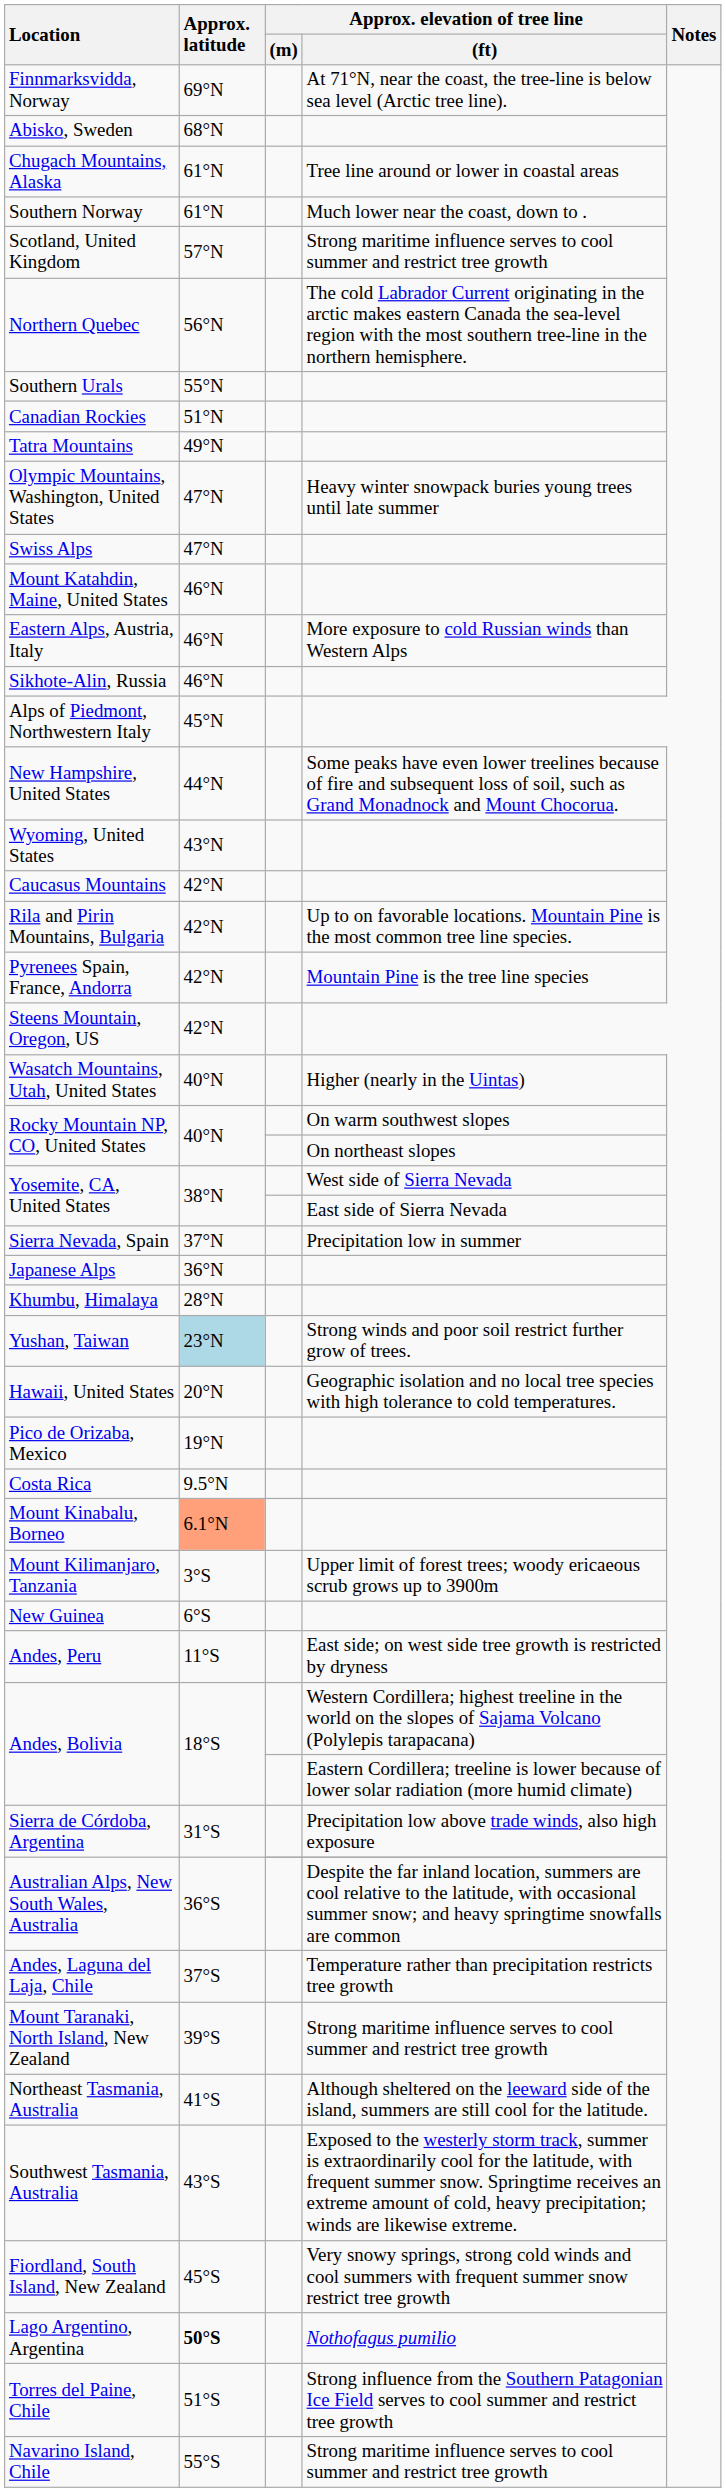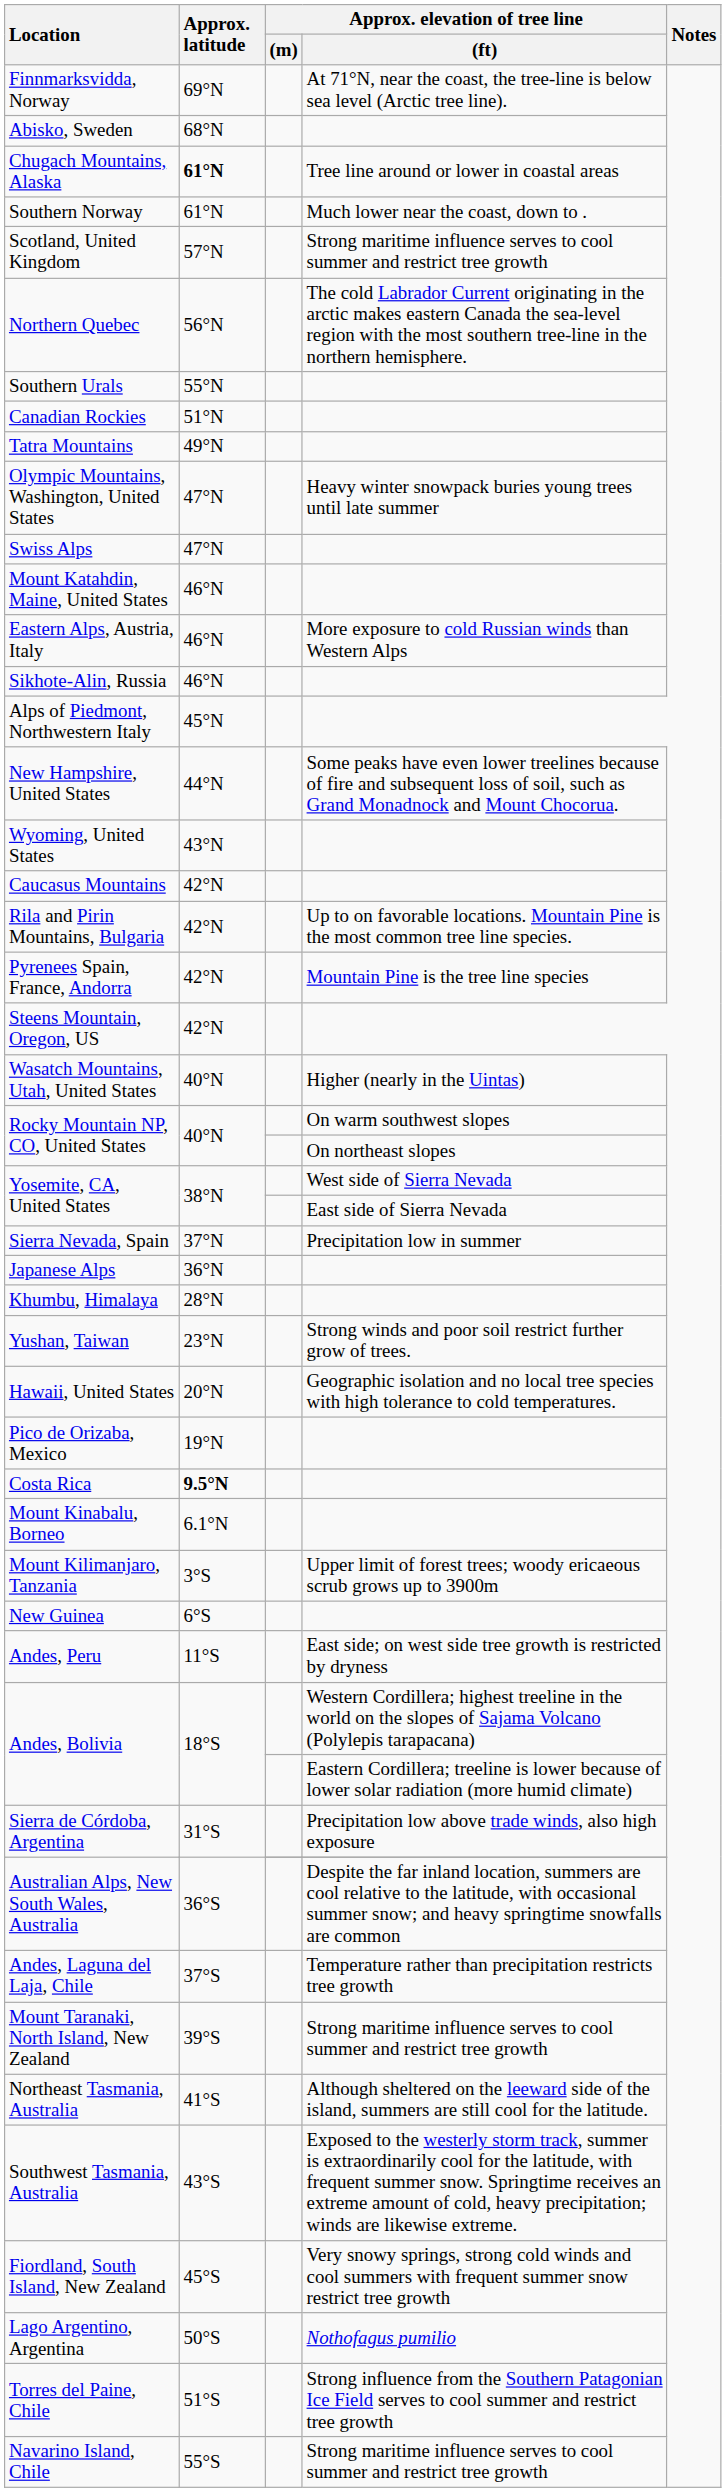 <table class="wikitable sortable">
 <tr>
 <th style="text-align:left;" rowspan="2" class="unsortable">Location</th>
 <th style="text-align:left;" rowspan="2">Approx. latitude</th>
 <th colspan=2>Approx. elevation of tree line</th>
 <th rowspan="2" class="unsortable">Notes</th>
 </tr>
 <tr>
 <th style="text-align:center;">(m)</th>
 <th style="text-align:center;">(ft)</th>
 </tr>
 <tr>
 <td><a href='#'>Finnmarksvidda</a>, Norway</td>
 <td data-sort-value="69">69°N</td>
 <td></td>
 <td>At 71°N, near the coast, the tree-line is below sea level (Arctic tree line).</td>
 </tr>
 <tr>
 <td><a href='#'>Abisko</a>, Sweden</td>
 <td data-sort-value="68">68°N</td>
 <td></td>
 <td></td>
 </tr>
 <tr>
 <td><a href='#'>Chugach Mountains, Alaska</a></td>
-<td data-sort-value="61">61°N</td>
+<td data-sort-value="61"><strong>61°N</strong></td>
 <td></td>
 <td>Tree line around  or lower in coastal areas</td>
 </tr>
 <tr>
 <td>Southern Norway</td>
 <td data-sort-value="61">61°N</td>
 <td></td>
 <td>Much lower near the coast, down to .</td>
 </tr>
 <tr>
 <td>Scotland, United Kingdom</td>
 <td data-sort-value="57">57°N</td>
 <td></td>
 <td>Strong maritime influence serves to cool summer and restrict tree growth</td>
 </tr>
 <tr>
 <td><a href='#'>Northern Quebec</a></td>
 <td data-sort-value="56">56°N</td>
 <td></td>
 <td>The cold <a href='#'>Labrador Current</a> originating in the arctic makes eastern Canada the sea-level region with the most southern tree-line in the northern hemisphere.</td>
 </tr>
 <tr>
 <td>Southern <a href='#'>Urals</a></td>
 <td data-sort-value="55">55°N</td>
 <td></td>
 <td></td>
 </tr>
 <tr>
 <td><a href='#'>Canadian Rockies</a></td>
 <td data-sort-value="51">51°N</td>
 <td></td>
 <td></td>
 </tr>
 <tr>
 <td><a href='#'>Tatra Mountains</a></td>
 <td data-sort-value="49">49°N</td>
 <td></td>
 <td></td>
 </tr>
 <tr>
 <td><a href='#'>Olympic Mountains</a>, Washington, United States</td>
 <td data-sort-value="47">47°N</td>
 <td></td>
 <td>Heavy winter snowpack buries young trees until late summer</td>
 </tr>
 <tr>
 <td><a href='#'>Swiss Alps</a></td>
 <td data-sort-value="47">47°N</td>
 <td></td>
 <td></td>
 </tr>
 <tr>
 <td><a href='#'>Mount Katahdin</a>, <a href='#'>Maine</a>, United States</td>
 <td data-sort-value="46">46°N</td>
 <td></td>
 <td></td>
 </tr>
 <tr>
 <td><a href='#'>Eastern Alps</a>, Austria, Italy</td>
 <td data-sort-value="46">46°N</td>
 <td></td>
 <td>More exposure to <a href='#'>cold Russian winds</a> than Western Alps</td>
 </tr>
 <tr>
 <td><a href='#'>Sikhote-Alin</a>, Russia</td>
 <td data-sort-value="46">46°N</td>
 <td></td>
 <td></td>
 </tr>
 <tr>
 <td>Alps of <a href='#'>Piedmont</a>, Northwestern Italy</td>
 <td data-sort-value="45">45°N</td>
 <td></td>
 </tr>
 <tr>
 <td><a href='#'>New Hampshire</a>, United States</td>
 <td data-sort-value="44">44°N</td>
 <td></td>
 <td> Some peaks have even lower treelines because of fire and subsequent loss of soil, such as <a href='#'>Grand Monadnock</a> and <a href='#'>Mount Chocorua</a>.</td>
 </tr>
 <tr>
 <td><a href='#'>Wyoming</a>, United States</td>
 <td data-sort-value="43">43°N</td>
 <td></td>
 <td></td>
 </tr>
 <tr>
 <td><a href='#'>Caucasus Mountains</a></td>
 <td data-sort-value="42">42°N</td>
 <td></td>
 <td></td>
 </tr>
 <tr>
 <td><a href='#'>Rila</a> and <a href='#'>Pirin</a> Mountains, <a href='#'>Bulgaria</a></td>
 <td data-sort-value="42">42°N</td>
 <td></td>
 <td>Up to  on favorable locations. <a href='#'>Mountain Pine</a> is the most common tree line species.</td>
 </tr>
 <tr>
 <td><a href='#'>Pyrenees</a> Spain, France, <a href='#'>Andorra</a></td>
 <td data-sort-value="42">42°N</td>
 <td></td>
 <td><a href='#'>Mountain Pine</a> is the tree line species</td>
 </tr>
 <tr>
 <td><a href='#'>Steens Mountain</a>, <a href='#'>Oregon</a>, US</td>
 <td data-sort-value="42">42°N</td>
 <td></td>
 </tr>
 <tr>
 <td><a href='#'>Wasatch Mountains</a>, <a href='#'>Utah</a>, United States</td>
 <td data-sort-value="40">40°N</td>
 <td></td>
 <td>Higher (nearly  in the <a href='#'>Uintas</a>)</td>
 </tr>
 <tr>
 <td rowspan="2"><a href='#'>Rocky Mountain NP</a>, <a href='#'>CO</a>, United States</td>
 <td rowspan="2" data-sort-value="40">40°N</td>
 <td></td>
 <td> On warm southwest slopes</td>
 </tr>
 <tr>
 <td></td>
 <td>On northeast slopes</td>
 </tr>
 <tr>
 <td rowspan="2"><a href='#'>Yosemite</a>, <a href='#'>CA</a>, United States</td>
 <td rowspan="2" data-sort-value="38">38°N</td>
 <td></td>
 <td> West side of <a href='#'>Sierra Nevada</a></td>
 </tr>
 <tr>
 <td></td>
 <td> East side of Sierra Nevada</td>
 </tr>
 <tr>
 <td><a href='#'>Sierra Nevada</a>, Spain</td>
 <td data-sort-value="37">37°N</td>
 <td></td>
 <td>Precipitation low in summer</td>
 </tr>
 <tr>
 <td><a href='#'>Japanese Alps</a></td>
 <td data-sort-value="36">36°N</td>
 <td></td>
 <td></td>
 </tr>
 <tr>
 <td><a href='#'>Khumbu</a>, <a href='#'>Himalaya</a></td>
 <td data-sort-value="28">28°N</td>
 <td></td>
 <td></td>
 </tr>
 <tr>
 <td><a href='#'>Yushan</a>, <a href='#'>Taiwan</a></td>
-<td data-sort-value="23" style="background: lightblue;">23°N</td>
+<td data-sort-value="23">23°N</td>
 <td></td>
 <td> Strong winds and poor soil restrict further grow of trees.</td>
 </tr>
 <tr>
 <td><a href='#'>Hawaii</a>, United States</td>
 <td data-sort-value="20">20°N</td>
 <td></td>
 <td> Geographic isolation and no local tree species with high tolerance to cold temperatures.</td>
 </tr>
 <tr>
 <td><a href='#'>Pico de Orizaba</a>, Mexico</td>
 <td data-sort-value="19">19°N</td>
 <td></td>
 <td></td>
 </tr>
 <tr>
 <td><a href='#'>Costa Rica</a></td>
-<td data-sort-value="9.5">9.5°N</td>
+<td data-sort-value="9.5"><strong>9.5°N</strong></td>
 <td></td>
 <td></td>
 </tr>
 <tr>
 <td><a href='#'>Mount Kinabalu</a>, <a href='#'>Borneo</a></td>
-<td data-sort-value="6.1" style="background: lightsalmon;">6.1°N</td>
+<td data-sort-value="6.1">6.1°N</td>
 <td></td>
 <td></td>
 </tr>
 <tr>
 <td><a href='#'>Mount Kilimanjaro</a>, <a href='#'>Tanzania</a></td>
 <td data-sort-value="-3">3°S</td>
 <td></td>
 <td> Upper limit of forest trees; woody ericaeous scrub grows up to 3900m</td>
 </tr>
 <tr>
 <td><a href='#'>New Guinea</a></td>
 <td data-sort-value="-6">6°S</td>
 <td></td>
 <td></td>
 </tr>
 <tr>
 <td><a href='#'>Andes</a>, <a href='#'>Peru</a></td>
 <td data-sort-value="-11">11°S</td>
 <td></td>
 <td>East side; on west side tree growth is restricted by dryness</td>
 </tr>
 <tr>
 <td rowspan="2"><a href='#'>Andes</a>, <a href='#'>Bolivia</a></td>
 <td rowspan="2" data-sort-value="-18">18°S</td>
 <td></td>
 <td>Western Cordillera; highest treeline in the world on the slopes of <a href='#'>Sajama Volcano</a> (Polylepis tarapacana)</td>
 </tr>
 <tr>
 <td></td>
 <td>Eastern Cordillera; treeline is lower because of lower solar radiation (more humid climate)</td>
 </tr>
 <tr>
 <td><a href='#'>Sierra de Córdoba</a>, <a href='#'>Argentina</a></td>
 <td data-sort-value="-31">31°S</td>
 <td></td>
 <td>Precipitation low above <a href='#'>trade winds</a>, also high exposure</td>
 </tr>
 <tr>
 <td rowspan="2"><a href='#'>Australian Alps</a>, <a href='#'>New South Wales</a>, <a href='#'>Australia</a></td>
 <td rowspan="2" data-sort-value="-36">36°S</td>
 </tr>
 <tr>
 <td></td>
 <td>Despite the far inland location, summers are cool relative to the latitude, with occasional summer snow; and heavy springtime snowfalls are common</td>
 </tr>
 <tr>
 <td><a href='#'>Andes</a>, <a href='#'>Laguna del Laja</a>, <a href='#'>Chile</a></td>
 <td data-sort-value="-37">37°S</td>
 <td></td>
 <td>Temperature rather than precipitation restricts tree growth</td>
 </tr>
 <tr>
 <td><a href='#'>Mount Taranaki</a>, <a href='#'>North Island</a>, New Zealand</td>
 <td data-sort-value="-39">39°S</td>
 <td></td>
 <td>Strong maritime influence serves to cool summer and restrict tree growth</td>
 </tr>
 <tr>
 <td>Northeast <a href='#'>Tasmania</a>, <a href='#'>Australia</a></td>
 <td data-sort-value="-41">41°S</td>
 <td></td>
 <td>Although sheltered on the <a href='#'>leeward</a> side of the island, summers are still cool for the latitude.</td>
 </tr>
 <tr>
 <td>Southwest <a href='#'>Tasmania</a>, <a href='#'>Australia</a></td>
 <td data-sort-value="-43">43°S</td>
 <td></td>
 <td>Exposed to the <a href='#'>westerly storm track</a>, summer is extraordinarily cool for the latitude, with frequent summer snow. Springtime receives an extreme amount of cold, heavy precipitation; winds are likewise extreme.</td>
 </tr>
 <tr>
 <td><a href='#'>Fiordland</a>, <a href='#'>South Island</a>, New Zealand</td>
 <td data-sort-value="-45">45°S</td>
 <td></td>
 <td>Very snowy springs, strong cold winds and cool summers with frequent summer snow restrict tree growth</td>
 </tr>
 <tr>
 <td><a href='#'>Lago Argentino</a>, Argentina</td>
-<td data-sort-value="-50"><strong>50°S</strong></td>
+<td data-sort-value="-50">50°S</td>
 <td></td>
 <td><em><a href='#'>Nothofagus pumilio</a></em></td>
 </tr>
 <tr>
 <td><a href='#'>Torres del Paine</a>, <a href='#'>Chile</a></td>
 <td data-sort-value="-51">51°S</td>
 <td></td>
 <td>Strong influence from the <a href='#'>Southern Patagonian Ice Field</a> serves to cool summer and restrict tree growth</td>
 </tr>
 <tr>
 <td><a href='#'>Navarino Island</a>, <a href='#'>Chile</a></td>
 <td data-sort-value="-55">55°S</td>
 <td></td>
 <td>Strong maritime influence serves to cool summer and restrict tree growth</td>
 </tr>
 </table>
